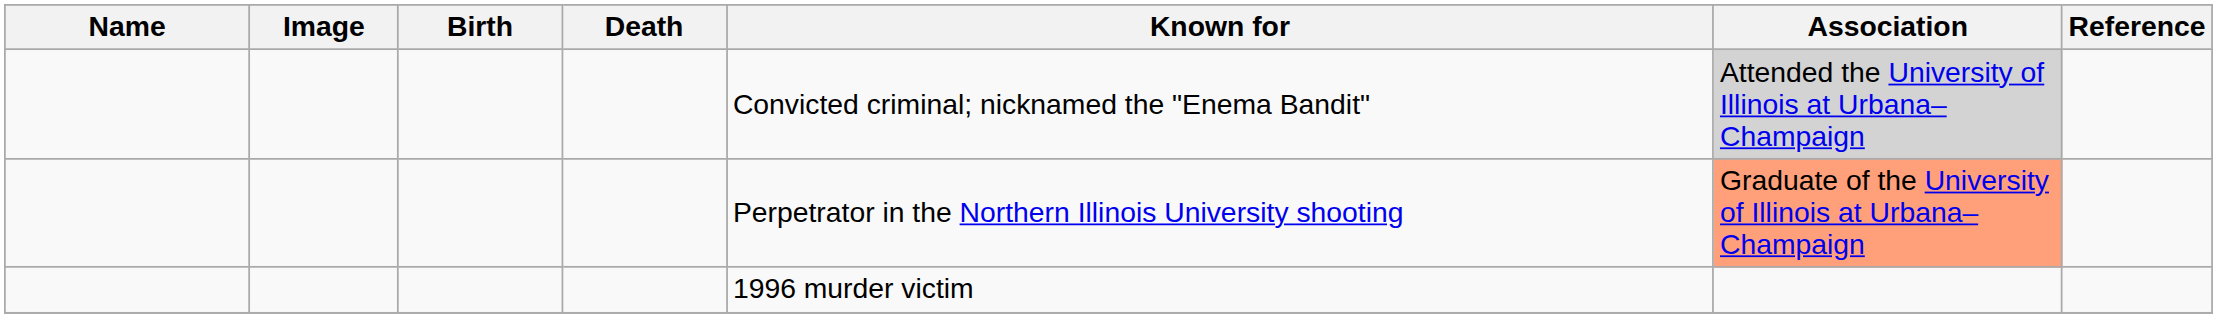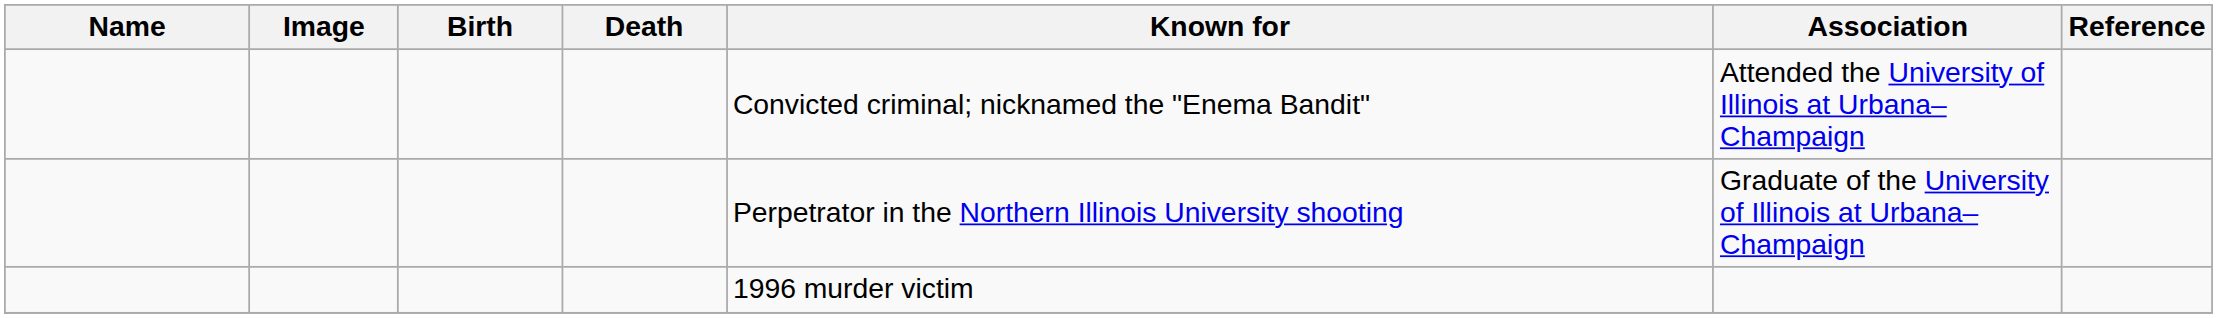 <table class="wikitable sortable">
 <tr>
 <th scope="col" width="140">Name</th>
 <th scope="col" width="80" class="unsortable">Image</th>
 <th scope="col" width="90">Birth</th>
 <th scope="col" width="90">Death</th>
 <th scope="col" width="600" class="unsortable">Known for</th>
 <th scope="col" width="200" class="unsortable">Association</th>
 <th scope="col" width="30" class="unsortable">Reference</th>
 </tr>
 <tr>
 <td></td>
 <td></td>
 <td align=right></td>
 <td align=right></td>
 <td>Convicted criminal; nicknamed the "Enema Bandit"</td>
-<td style="background: lightgrey;">Attended the <a href='#'>University of Illinois at Urbana–Champaign</a></td>
+<td>Attended the <a href='#'>University of Illinois at Urbana–Champaign</a></td>
 <td align="center"></td>
 </tr>
 <tr>
 <td></td>
 <td></td>
 <td align=right></td>
 <td align=right></td>
 <td>Perpetrator in the <a href='#'>Northern Illinois University shooting</a></td>
-<td style="background: lightsalmon;">Graduate of the <a href='#'>University of Illinois at Urbana–Champaign</a></td>
+<td>Graduate of the <a href='#'>University of Illinois at Urbana–Champaign</a></td>
 <td align="center"></td>
 </tr>
 <tr>
 <td></td>
 <td></td>
 <td align=right></td>
 <td align=right></td>
 <td>1996 murder victim</td>
 <td></td>
 <td align="center"></td>
 </tr>
 <tr>
 </tr>
 </table>
